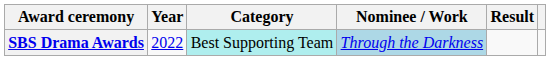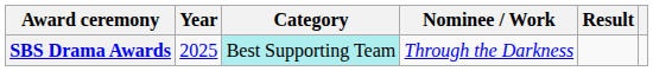 <table class="wikitable plainrowheaders sortable">
 <tr>
 <th scope="col">Award ceremony</th>
 <th scope="col">Year</th>
 <th scope="col">Category</th>
 <th scope="col">Nominee / Work</th>
 <th scope="col">Result</th>
 <th scope="col" class="unsortable"></th>
 </tr>
 <tr>
 <th scope="row"><a href='#'>SBS Drama Awards</a></th>
-<td style="text-align:center"><a href='#'>2022</a></td>
+<td style="text-align:center"><a href='#'>2025</a></td>
 <td style="background: paleturquoise;">Best Supporting Team</td>
-<td style="background: lightblue;"><em><a href='#'>Through the Darkness</a></em></td>
+<td><em><a href='#'>Through the Darkness</a></em></td>
 <td></td>
 <td style="text-align:center"></td>
 </tr>
 <tr>
 </tr>
 </table>
